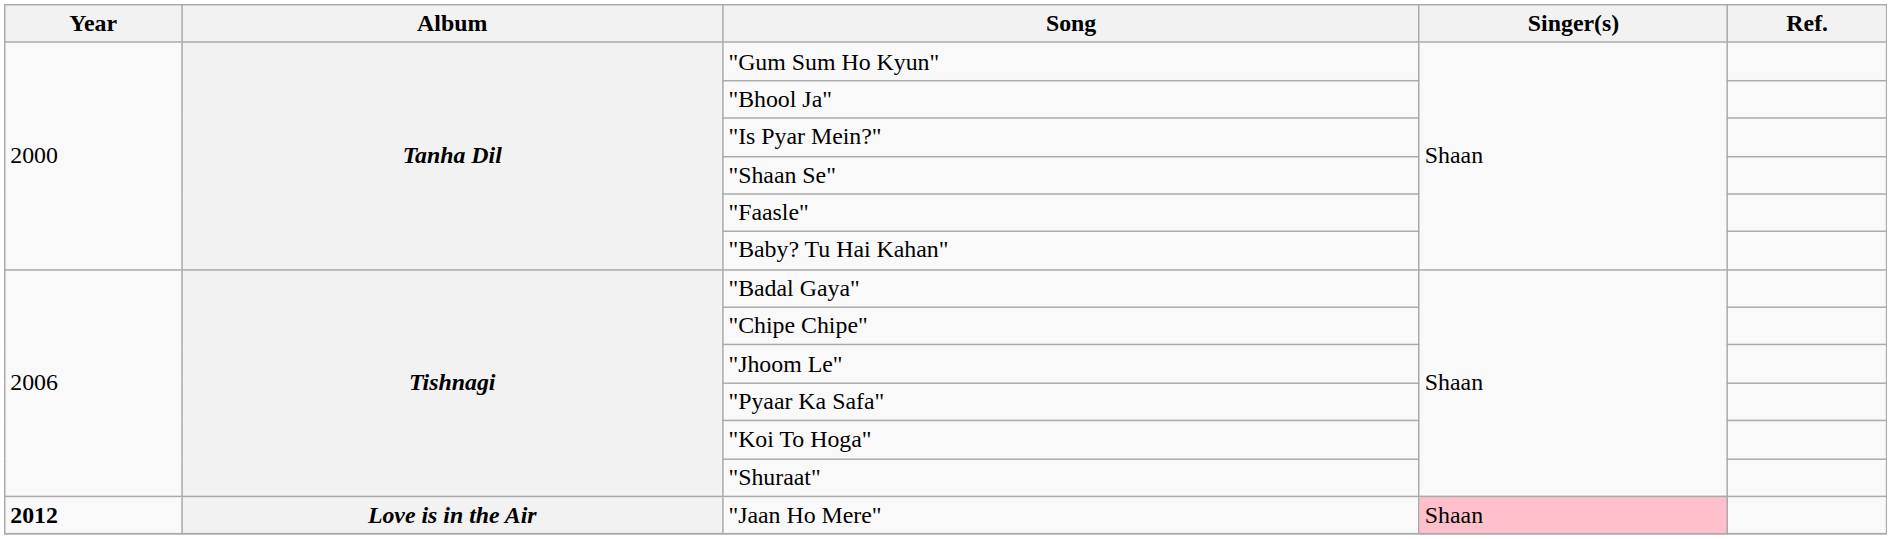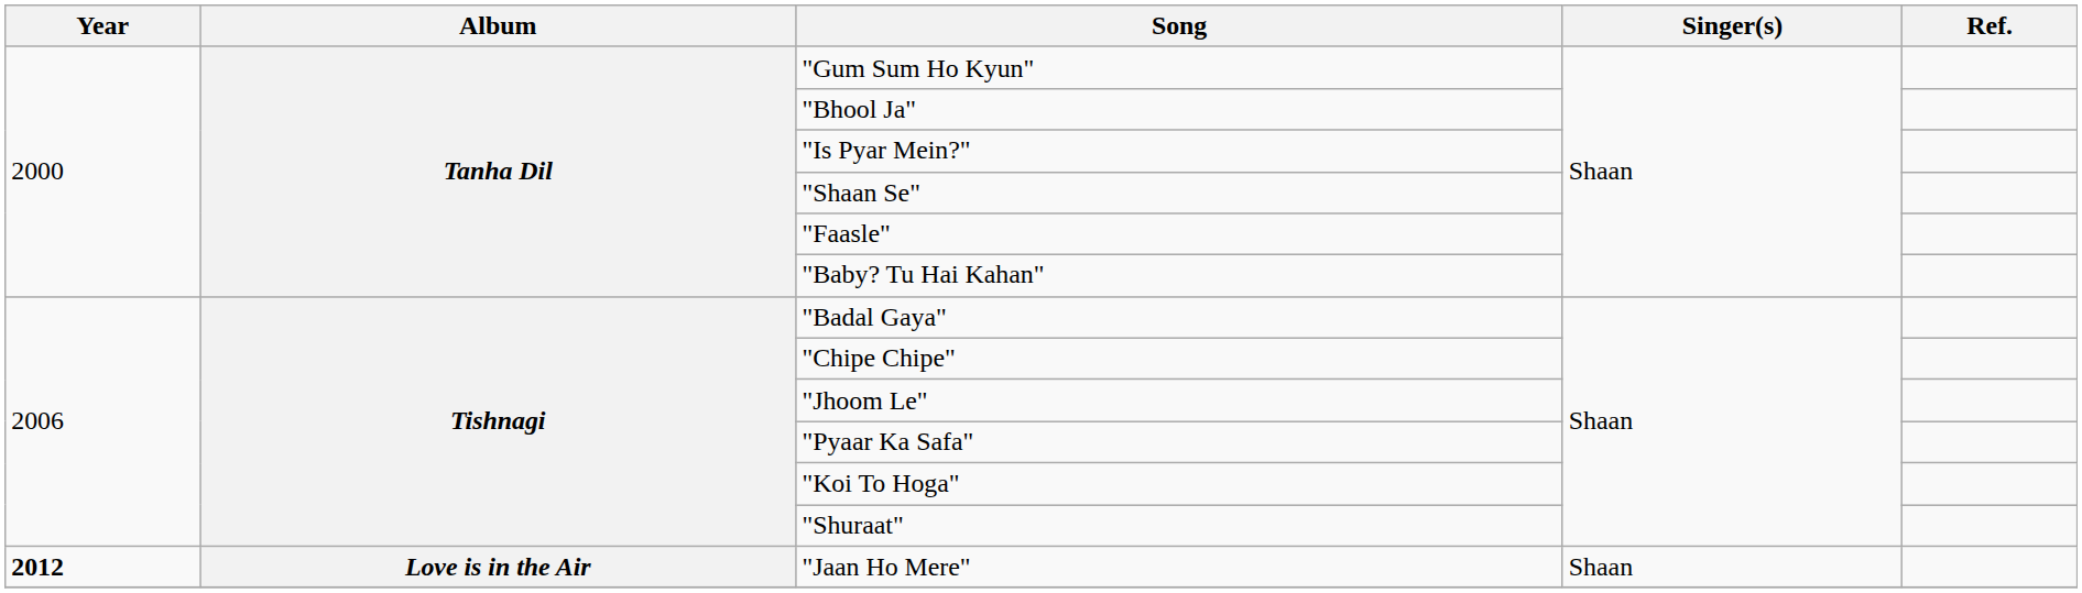 <table class="wikitable plainrowheaders" style="width:100%">
 <tr>
 <th scope="col">Year</th>
 <th scope="col">Album</th>
 <th scope="col">Song</th>
 <th scope="col">Singer(s)</th>
 <th scope="col">Ref.</th>
 </tr>
 <tr>
 <td rowspan="6">2000</td>
 <th rowspan="6"><em>Tanha Dil</em></th>
 <td>"Gum Sum Ho Kyun"</td>
 <td rowspan="6">Shaan</td>
 <td></td>
 </tr>
 <tr>
 <td>"Bhool Ja"</td>
 <td></td>
 </tr>
 <tr>
 <td>"Is Pyar Mein?"</td>
 <td></td>
 </tr>
 <tr>
 <td>"Shaan Se"</td>
 <td></td>
 </tr>
 <tr>
 <td>"Faasle"</td>
 <td></td>
 </tr>
 <tr>
 <td>"Baby? Tu Hai Kahan"</td>
 <td></td>
 </tr>
 <tr>
 <td rowspan="6">2006</td>
 <th rowspan="6"><em>Tishnagi</em></th>
 <td>"Badal Gaya"</td>
 <td rowspan="6">Shaan</td>
 <td></td>
 </tr>
 <tr>
 <td>"Chipe Chipe"</td>
 <td></td>
 </tr>
 <tr>
 <td>"Jhoom Le"</td>
 <td></td>
 </tr>
 <tr>
 <td>"Pyaar Ka Safa"</td>
 <td></td>
 </tr>
 <tr>
 <td>"Koi To Hoga"</td>
 <td></td>
 </tr>
 <tr>
 <td>"Shuraat"</td>
 <td></td>
 </tr>
 <tr>
 <td><strong>2012</strong></td>
 <th><em>Love is in the Air</em></th>
 <td>"Jaan Ho Mere"</td>
-<td style="background: pink;">Shaan</td>
+<td>Shaan</td>
 <td></td>
 </tr>
 <tr>
 </tr>
 </table>
